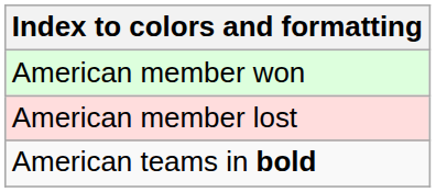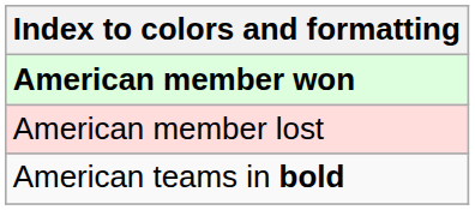 <table class="wikitable">
 <tr>
 <th>Index to colors and formatting</th>
 </tr>
 <tr style="background:#dfd;">
-<td>American member won</td>
+<td><strong>American member won</strong></td>
 </tr>
 <tr style="background:#fdd;">
 <td>American member lost</td>
 </tr>
 <tr>
 <td>American teams in <strong>bold</strong></td>
 </tr>
 </table>
